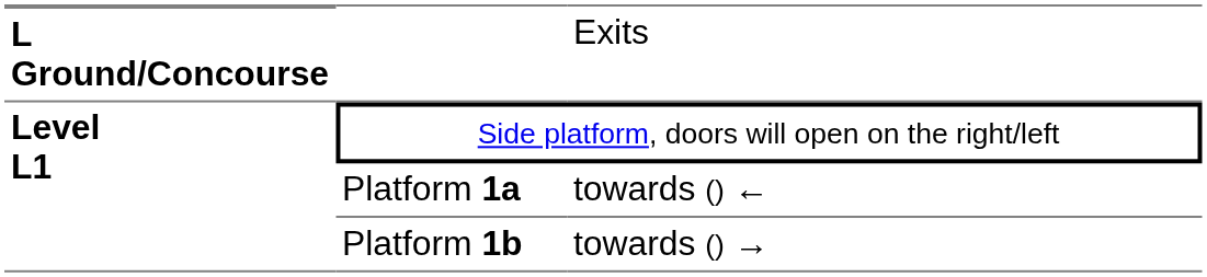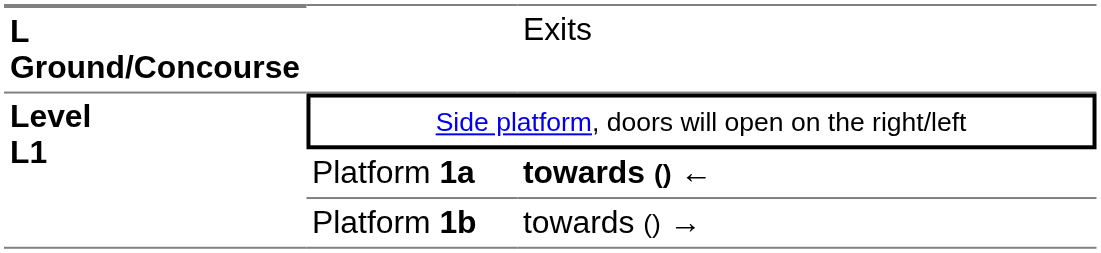 <table table border=0 cellspacing=0 cellpadding=3>
 <tr>
 <td style="border-bottom:solid 1px gray;border-top:solid 2px gray;" width=50 valign=top><strong>L<br>Ground/Concourse</strong></td>
 <td style="border-top:solid 1px gray;border-bottom:solid 1px gray;" width=100 valign=top></td>
 <td style="border-top:solid 1px gray;border-bottom:solid 1px gray;" width=285 valign=top>Exits</td>
 </tr>
 <tr>
 <td style="border-bottom:solid 1px gray;" rowspan=4 valign=top><strong>Level<br>L1</strong></td>
 <td style="border-top:solid 2px black;border-right:solid 2px black;border-left:solid 2px black;border-bottom:solid 2px black;text-align:center;" colspan=2><small><a href='#'>Side platform</a>, doors will open on the right/left</small></td>
 </tr>
 <tr>
 <td style="border-bottom:solid 1px gray;">Platform <span><strong>1a</strong></span></td>
-<td style="border-bottom:solid 1px gray;"> towards  <small>()</small> ←</td>
+<td style="border-bottom:solid 1px gray;"><strong> towards  <small>()</small> ←</strong></td>
 </tr>
 <tr>
 <td style="border-bottom:solid 1px gray;">Platform <span><strong>1b</strong></span></td>
 <td style="border-bottom:solid 1px gray;"> towards  <small>()</small> →</td>
 </tr>
 <tr>
 </tr>
 <tr>
 </tr>
 </table>
